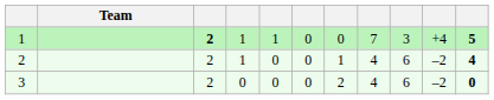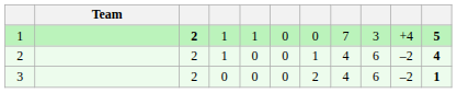 <table class="wikitable" style="text-align: center; font-size: 100%;">
 <tr>
 <th width="30"></th>
 <th width="170">Team</th>
 <th width="30"></th>
 <th width="30"></th>
 <th width="30"></th>
 <th width="30"></th>
 <th width="30"></th>
 <th width="30"></th>
 <th width="30"></th>
 <th width="30"></th>
 <th width="30"></th>
 </tr>
 <tr style="background-color: #bbf3bb">
 <td>1</td>
 <td align="left"></td>
 <td><strong>2</strong></td>
 <td>1</td>
 <td>1</td>
 <td>0</td>
 <td>0</td>
 <td>7</td>
 <td>3</td>
 <td>+4</td>
 <td><strong>5</strong></td>
 </tr>
 <tr style="background-color: #edfced">
 <td>2</td>
 <td align="left"></td>
 <td>2</td>
 <td>1</td>
 <td>0</td>
 <td>0</td>
 <td>1</td>
 <td>4</td>
 <td>6</td>
 <td>–2</td>
 <td><strong>4</strong></td>
 </tr>
 <tr style="background-color: #edfced">
 <td>3</td>
 <td align="left"></td>
 <td>2</td>
 <td>0</td>
 <td>0</td>
 <td>0</td>
 <td>2</td>
 <td>4</td>
 <td>6</td>
 <td>–2</td>
-<td><strong>0</strong></td>
+<td><strong>1</strong></td>
 </tr>
 </table>
